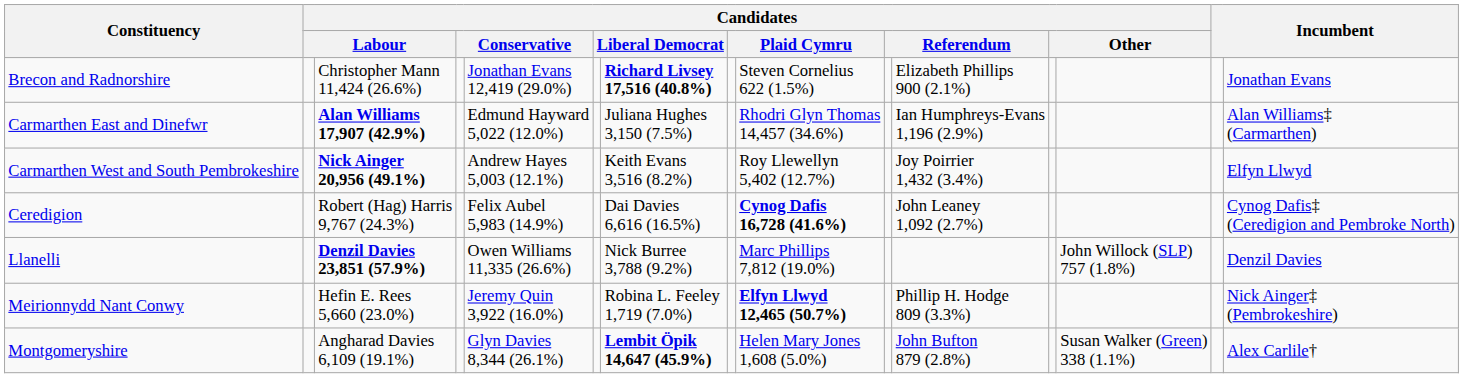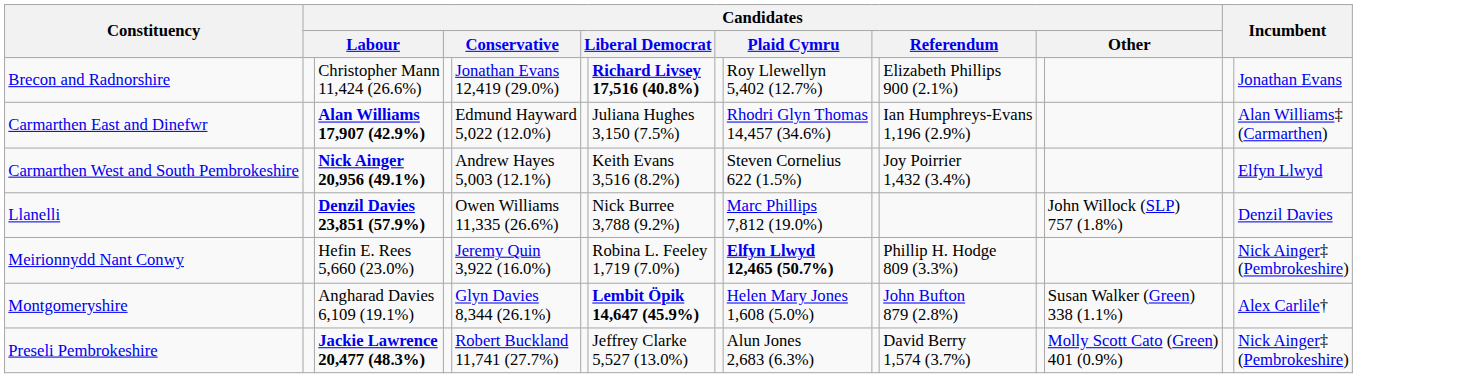 <table class="wikitable">
 <tr>
 <th rowspan="2">Constituency</th>
 <th colspan="12">Candidates</th>
 <th colspan="2" rowspan="2">Incumbent</th>
 </tr>
 <tr>
 <th colspan="2"><a href='#'>Labour</a></th>
 <th colspan="2"><a href='#'>Conservative</a></th>
 <th colspan="2"><a href='#'>Liberal Democrat</a></th>
 <th colspan="2"><a href='#'>Plaid Cymru</a></th>
 <th colspan="2"><a href='#'>Referendum</a></th>
 <th colspan="2">Other</th>
 </tr>
 <tr>
 <td><a href='#'>Brecon and Radnorshire</a></td>
 <td></td>
 <td>Christopher Mann<br>11,424 (26.6%)</td>
 <td></td>
 <td><a href='#'>Jonathan Evans</a><br>12,419 (29.0%)</td>
 <td style="color:inherit;background:"></td>
 <td><strong><a href='#'>Richard Livsey</a></strong><br><strong>17,516 (40.8%)</strong></td>
 <td></td>
-<td>Steven Cornelius<br>622 (1.5%)</td>
+<td>Roy Llewellyn<br>5,402 (12.7%)</td>
 <td></td>
 <td>Elizabeth Phillips<br>900 (2.1%)</td>
 <td></td>
 <td></td>
 <td style="color:inherit;background:"> </td>
 <td><a href='#'>Jonathan Evans</a></td>
 </tr>
 <tr>
 <td><a href='#'>Carmarthen East and Dinefwr</a></td>
 <td style="color:inherit;background:"> </td>
 <td><strong><a href='#'>Alan Williams</a></strong><br><strong>17,907 (42.9%)</strong></td>
 <td></td>
 <td>Edmund Hayward<br>5,022 (12.0%)</td>
 <td></td>
 <td>Juliana Hughes<br>3,150 (7.5%)</td>
 <td></td>
 <td><a href='#'>Rhodri Glyn Thomas</a><br>14,457 (34.6%)</td>
 <td></td>
 <td>Ian Humphreys-Evans<br>1,196 (2.9%)</td>
 <td></td>
 <td></td>
 <td style="color:inherit;background:"> </td>
 <td><a href='#'>Alan Williams</a>‡<br>(<a href='#'>Carmarthen</a>)</td>
 </tr>
 <tr>
 <td><a href='#'>Carmarthen West and South Pembrokeshire</a></td>
 <td style="color:inherit;background:"> </td>
 <td><strong><a href='#'>Nick Ainger</a></strong><br><strong>20,956 (49.1%)</strong></td>
 <td></td>
 <td>Andrew Hayes<br>5,003 (12.1%)</td>
 <td></td>
 <td>Keith Evans<br>3,516 (8.2%)</td>
 <td></td>
-<td>Roy Llewellyn<br>5,402 (12.7%)</td>
+<td>Steven Cornelius<br>622 (1.5%)</td>
 <td></td>
 <td>Joy Poirrier<br>1,432 (3.4%)</td>
 <td></td>
 <td></td>
 <td style="color:inherit;background:"> </td>
 <td><a href='#'>Elfyn Llwyd</a></td>
-</tr>
-<tr>
-<td><a href='#'>Ceredigion</a></td>
-<td></td>
-<td>Robert (Hag) Harris<br>9,767 (24.3%)</td>
-<td></td>
-<td>Felix Aubel<br>5,983 (14.9%)</td>
-<td></td>
-<td>Dai Davies<br>6,616 (16.5%)</td>
-<td style="color:inherit;background-color: "></td>
-<td><strong><a href='#'>Cynog Dafis</a></strong><br><strong>16,728 (41.6%)</strong></td>
-<td></td>
-<td>John Leaney<br>1,092 (2.7%)</td>
-<td></td>
-<td></td>
-<td style="color:inherit;background-color: "></td>
-<td><a href='#'>Cynog Dafis</a>‡<br>(<a href='#'>Ceredigion and Pembroke North</a>)</td>
 </tr>
 <tr>
 <td><a href='#'>Llanelli</a></td>
 <td style="color:inherit;background:"> </td>
 <td><strong><a href='#'>Denzil Davies</a></strong><br><strong>23,851 (57.9%)</strong></td>
 <td></td>
 <td>Owen Williams<br>11,335 (26.6%)</td>
 <td></td>
 <td>Nick Burree<br>3,788 (9.2%)</td>
 <td></td>
 <td><a href='#'>Marc Phillips</a><br>7,812 (19.0%)</td>
 <td></td>
 <td></td>
 <td></td>
 <td>John Willock (<a href='#'>SLP</a>)<br>757 (1.8%)</td>
 <td style="color:inherit;background:"> </td>
 <td><a href='#'>Denzil Davies</a></td>
 </tr>
 <tr>
 <td><a href='#'>Meirionnydd Nant Conwy</a></td>
 <td></td>
 <td>Hefin E. Rees<br>5,660 (23.0%)</td>
 <td></td>
 <td><a href='#'>Jeremy Quin</a><br>3,922 (16.0%)</td>
 <td></td>
 <td>Robina L. Feeley<br>1,719 (7.0%)</td>
 <td style="color:inherit;background-color: "></td>
 <td><strong><a href='#'>Elfyn Llwyd</a></strong><br><strong>12,465 (50.7%)</strong></td>
 <td></td>
 <td>Phillip H. Hodge<br>809 (3.3%)</td>
 <td></td>
 <td></td>
 <td style="color:inherit;background-color: "></td>
 <td><a href='#'>Nick Ainger</a>‡<br>(<a href='#'>Pembrokeshire</a>)</td>
 </tr>
 <tr>
 <td><a href='#'>Montgomeryshire</a></td>
 <td></td>
 <td>Angharad Davies<br>6,109 (19.1%)</td>
 <td></td>
 <td><a href='#'>Glyn Davies</a><br>8,344 (26.1%)</td>
 <td style="color:inherit;background:"></td>
 <td><strong><a href='#'>Lembit Öpik</a></strong><br><strong>14,647 (45.9%)</strong></td>
 <td></td>
 <td><a href='#'>Helen Mary Jones</a><br>1,608 (5.0%)</td>
 <td></td>
 <td><a href='#'>John Bufton</a><br>879 (2.8%)</td>
 <td></td>
 <td>Susan Walker (<a href='#'>Green</a>)<br>338 (1.1%)</td>
 <td style="color:inherit;background:"></td>
 <td><a href='#'>Alex Carlile</a>†</td>
 </tr>
+<tr>
+<td><a href='#'>Preseli Pembrokeshire</a></td>
+<td style="color:inherit;background:"> </td>
+<td><strong><a href='#'>Jackie Lawrence</a></strong><br><strong>20,477 (48.3%)</strong></td>
+<td></td>
+<td><a href='#'>Robert Buckland</a><br>11,741 (27.7%)</td>
+<td></td>
+<td>Jeffrey Clarke<br>5,527 (13.0%)</td>
+<td></td>
+<td>Alun Jones<br>2,683 (6.3%)</td>
+<td></td>
+<td>David Berry<br>1,574 (3.7%)</td>
+<td></td>
+<td><a href='#'>Molly Scott Cato</a> (<a href='#'>Green</a>)<br>401 (0.9%)</td>
+<td style="color:inherit;background:"> </td>
+<td><a href='#'>Nick Ainger</a>‡<br>(<a href='#'>Pembrokeshire</a>)</td>
+</tr>
 </table>
